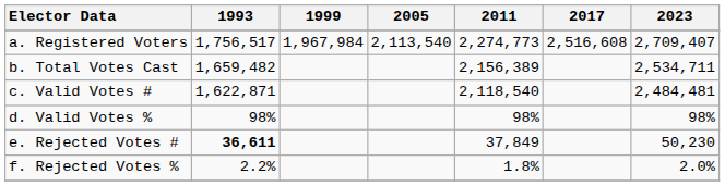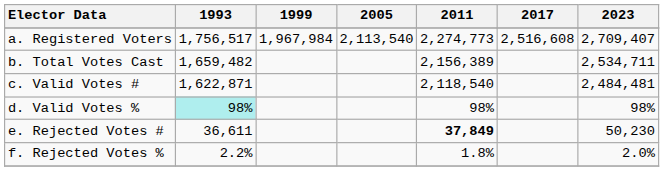 <table class=wikitable style="font-size:90%">
 <tr>
 <th style="text-align:left">Elector Data</th>
 <th><strong>1993</strong></th>
 <th><strong>1999</strong></th>
 <th><strong>2005</strong></th>
 <th><strong>2011</strong></th>
 <th><strong>2017</strong></th>
 <th><strong>2023</strong></th>
 </tr>
 <tr>
 </tr>
 <tr style="vertical-align: top;">
 </tr>
 <tr>
 </tr>
 <tr style="background-color:#CEE0F2">
 </tr>
 <tr>
 <td>a. Registered Voters</td>
 <td style="text-align:right">1,756,517</td>
 <td style="text-align:right">1,967,984</td>
 <td style="text-align:right">2,113,540</td>
 <td style="text-align:right">2,274,773</td>
 <td style="text-align:right">2,516,608</td>
 <td style="text-align:right">2,709,407</td>
 </tr>
 <tr>
 <td>b. Total Votes Cast</td>
 <td style="text-align:right">1,659,482</td>
 <td style="text-align:right"></td>
 <td style="text-align:right"></td>
 <td style="text-align:right">2,156,389</td>
 <td style="text-align:right"></td>
 <td style="text-align:right">2,534,711</td>
 </tr>
 <tr>
 <td>c. Valid Votes #</td>
 <td style="text-align:right">1,622,871</td>
 <td style="text-align:right"></td>
 <td style="text-align:right"></td>
 <td style="text-align:right">2,118,540</td>
 <td style="text-align:right"></td>
 <td style="text-align:right">2,484,481</td>
 </tr>
 <tr>
 <td>d. Valid Votes %</td>
-<td style="text-align:right">98%</td>
+<td style="background: paleturquoise; text-align:right">98%</td>
 <td style="text-align:right"></td>
 <td style="text-align:right"></td>
 <td style="text-align:right">98%</td>
 <td style="text-align:right"></td>
 <td style="text-align:right">98%</td>
 </tr>
 <tr>
 <td>e. Rejected Votes #</td>
-<td style="text-align:right"><strong>36,611</strong></td>
+<td style="text-align:right">36,611</td>
 <td style="text-align:right"></td>
 <td style="text-align:right"></td>
-<td style="text-align:right">37,849</td>
+<td style="text-align:right"><strong>37,849</strong></td>
 <td style="text-align:right"></td>
 <td style="text-align:right">50,230</td>
 </tr>
 <tr>
 <td>f. Rejected Votes %</td>
 <td style="text-align:right">2.2%</td>
 <td style="text-align:right"></td>
 <td style="text-align:right"></td>
 <td style="text-align:right">1.8%</td>
 <td style="text-align:right"></td>
 <td style="text-align:right">2.0%</td>
 </tr>
 <tr>
 </tr>
 </table>
